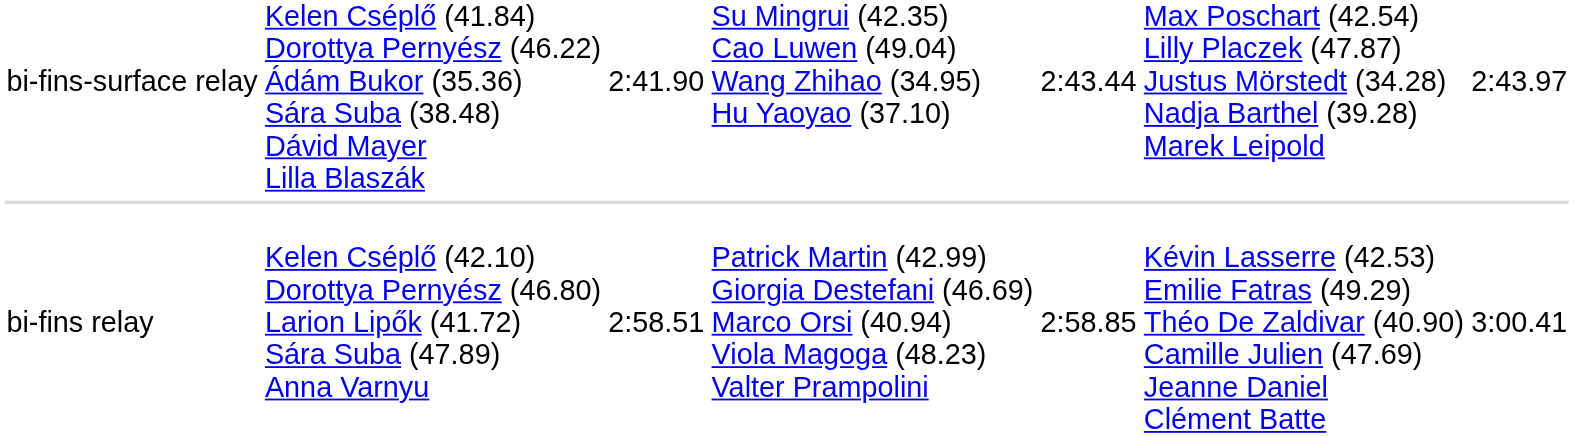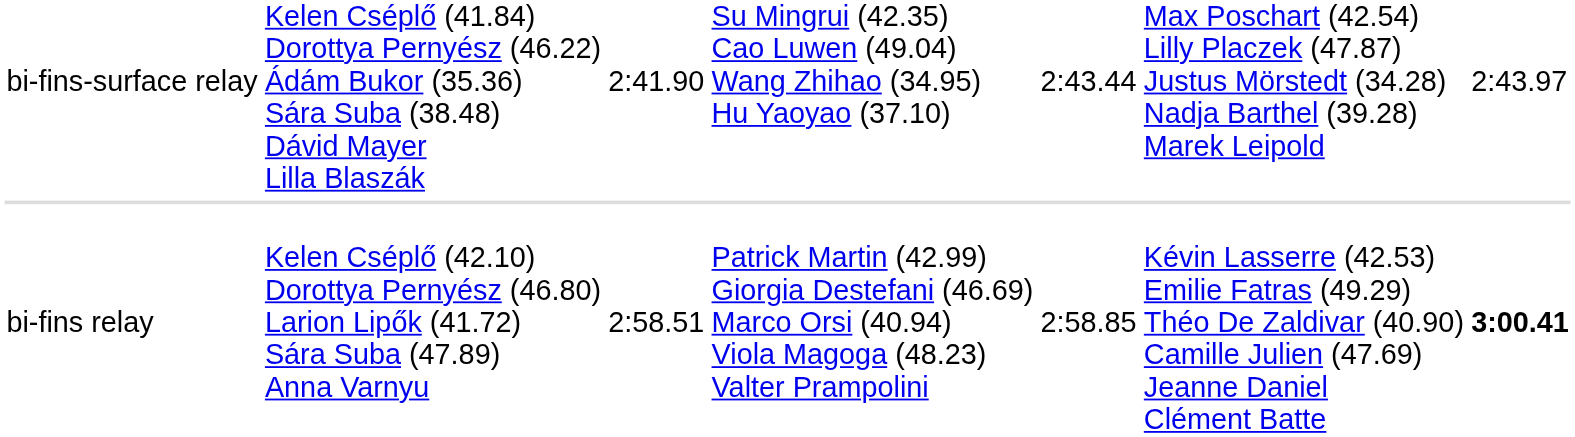 <table>
 <tr>
 <td> bi-fins-surface relay</td>
 <td valign=top><br><a href='#'>Kelen Cséplő</a> (41.84)<br><a href='#'>Dorottya Pernyész</a> (46.22)<br><a href='#'>Ádám Bukor</a> (35.36)<br><a href='#'>Sára Suba</a> (38.48)<br><a href='#'>Dávid Mayer</a><br><a href='#'>Lilla Blaszák</a></td>
 <td>2:41.90<br></td>
 <td valign=top><br><a href='#'>Su Mingrui</a> (42.35)<br><a href='#'>Cao Luwen</a> (49.04)<br><a href='#'>Wang Zhihao</a> (34.95)<br><a href='#'>Hu Yaoyao</a> (37.10)</td>
 <td>2:43.44</td>
 <td valign=top><br><a href='#'>Max Poschart</a> (42.54)<br><a href='#'>Lilly Placzek</a> (47.87)<br><a href='#'>Justus Mörstedt</a> (34.28)<br><a href='#'>Nadja Barthel</a> (39.28)<br><a href='#'>Marek Leipold</a></td>
 <td>2:43.97</td>
 </tr>
 <tr bgcolor=#DDDDDD>
 <td colspan=7></td>
 </tr>
 <tr>
 <td> bi-fins relay</td>
 <td valign=top><br><a href='#'>Kelen Cséplő</a> (42.10)<br><a href='#'>Dorottya Pernyész</a> (46.80)<br><a href='#'>Larion Lipők</a> (41.72)<br><a href='#'>Sára Suba</a> (47.89)<br><a href='#'>Anna Varnyu</a></td>
 <td>2:58.51</td>
 <td valign=top><br><a href='#'>Patrick Martin</a> (42.99)<br><a href='#'>Giorgia Destefani</a> (46.69)<br><a href='#'>Marco Orsi</a> (40.94)<br><a href='#'>Viola Magoga</a> (48.23)<br><a href='#'>Valter Prampolini</a></td>
 <td>2:58.85</td>
 <td valign=top><br><a href='#'>Kévin Lasserre</a> (42.53)<br><a href='#'>Emilie Fatras</a> (49.29)<br><a href='#'>Théo De Zaldivar</a> (40.90)<br><a href='#'>Camille Julien</a> (47.69)<br><a href='#'>Jeanne Daniel</a><br><a href='#'>Clément Batte</a></td>
-<td>3:00.41</td>
+<td><strong>3:00.41</strong></td>
 </tr>
 </table>
